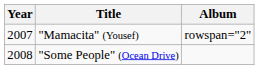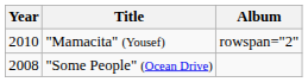 <table class="wikitable plainrowheaders">
 <tr>
 <th scope="col">Year</th>
 <th scope="col">Title</th>
 <th scope="col">Album</th>
 </tr>
 <tr>
-<td>2007</td>
+<td>2010</td>
 <td align="left">"Mamacita" <small>(Yousef)</small></td>
 <td>rowspan="2" </td>
 </tr>
 <tr>
 <td>2008</td>
 <td align="left">"Some People" <small>(<a href='#'>Ocean Drive</a>)</small></td>
 </tr>
 </table>
